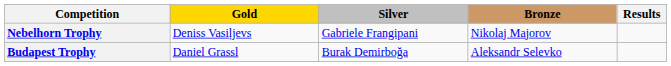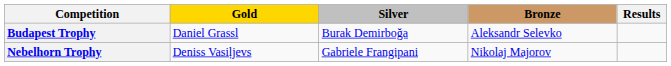 <table class="wikitable unsortable" style="text-align:left; width:100%">
 <tr>
 <th scope="col" style="text-align:center; width:25%;">Competition</th>
 <td scope="col" style="text-align:center; width:22.5%; background:gold"><strong>Gold</strong></td>
 <td scope="col" style="text-align:center; width:22.5%; background:silver"><strong>Silver</strong></td>
 <td scope="col" style="text-align:center; width:22.5%; background:#c96"><strong>Bronze</strong></td>
 <th scope="col" style="text-align:center; width:7.5%;">Results</th>
 </tr>
 <tr>
+<th scope="row" style="text-align:left"> <a href='#'>Budapest Trophy</a></th>
+<td> <a href='#'>Daniel Grassl</a></td>
+<td> <a href='#'>Burak Demirboğa</a></td>
+<td> <a href='#'>Aleksandr Selevko</a></td>
+<td></td>
+</tr>
+<tr>
 <th scope="row" style="text-align:left"> <a href='#'>Nebelhorn Trophy</a></th>
 <td> <a href='#'>Deniss Vasiļjevs</a></td>
 <td> <a href='#'>Gabriele Frangipani</a></td>
 <td> <a href='#'>Nikolaj Majorov</a></td>
 <td></td>
 </tr>
-<tr>
-<th scope="row" style="text-align:left"> <a href='#'>Budapest Trophy</a></th>
-<td> <a href='#'>Daniel Grassl</a></td>
-<td> <a href='#'>Burak Demirboğa</a></td>
-<td> <a href='#'>Aleksandr Selevko</a></td>
-<td></td>
-</tr>
 </table>
